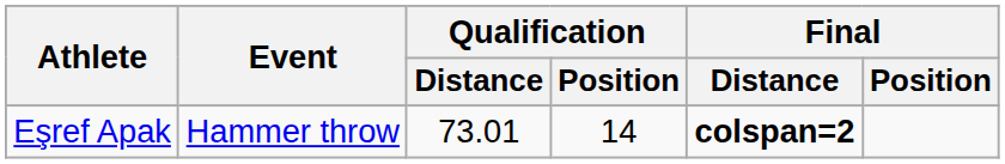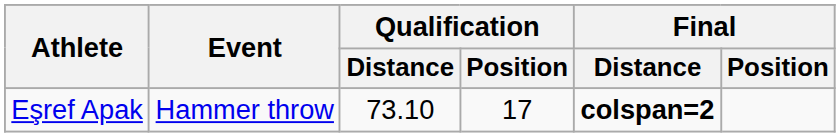 <table class=wikitable style="font-size:90%">
 <tr>
 <th rowspan="2">Athlete</th>
 <th rowspan="2">Event</th>
 <th colspan="2">Qualification</th>
 <th colspan="2">Final</th>
 </tr>
 <tr style="font-size:95%">
 <th>Distance</th>
 <th>Position</th>
 <th>Distance</th>
 <th>Position</th>
 </tr>
 <tr style=text-align:center>
 <td style=text-align:left><a href='#'>Eşref Apak</a></td>
 <td style=text-align:left><a href='#'>Hammer throw</a></td>
-<td>73.01</td>
-<td>14</td>
+<td>73.10</td>
+<td>17</td>
 <td><strong>colspan=2 </strong></td>
 </tr>
 </table>
